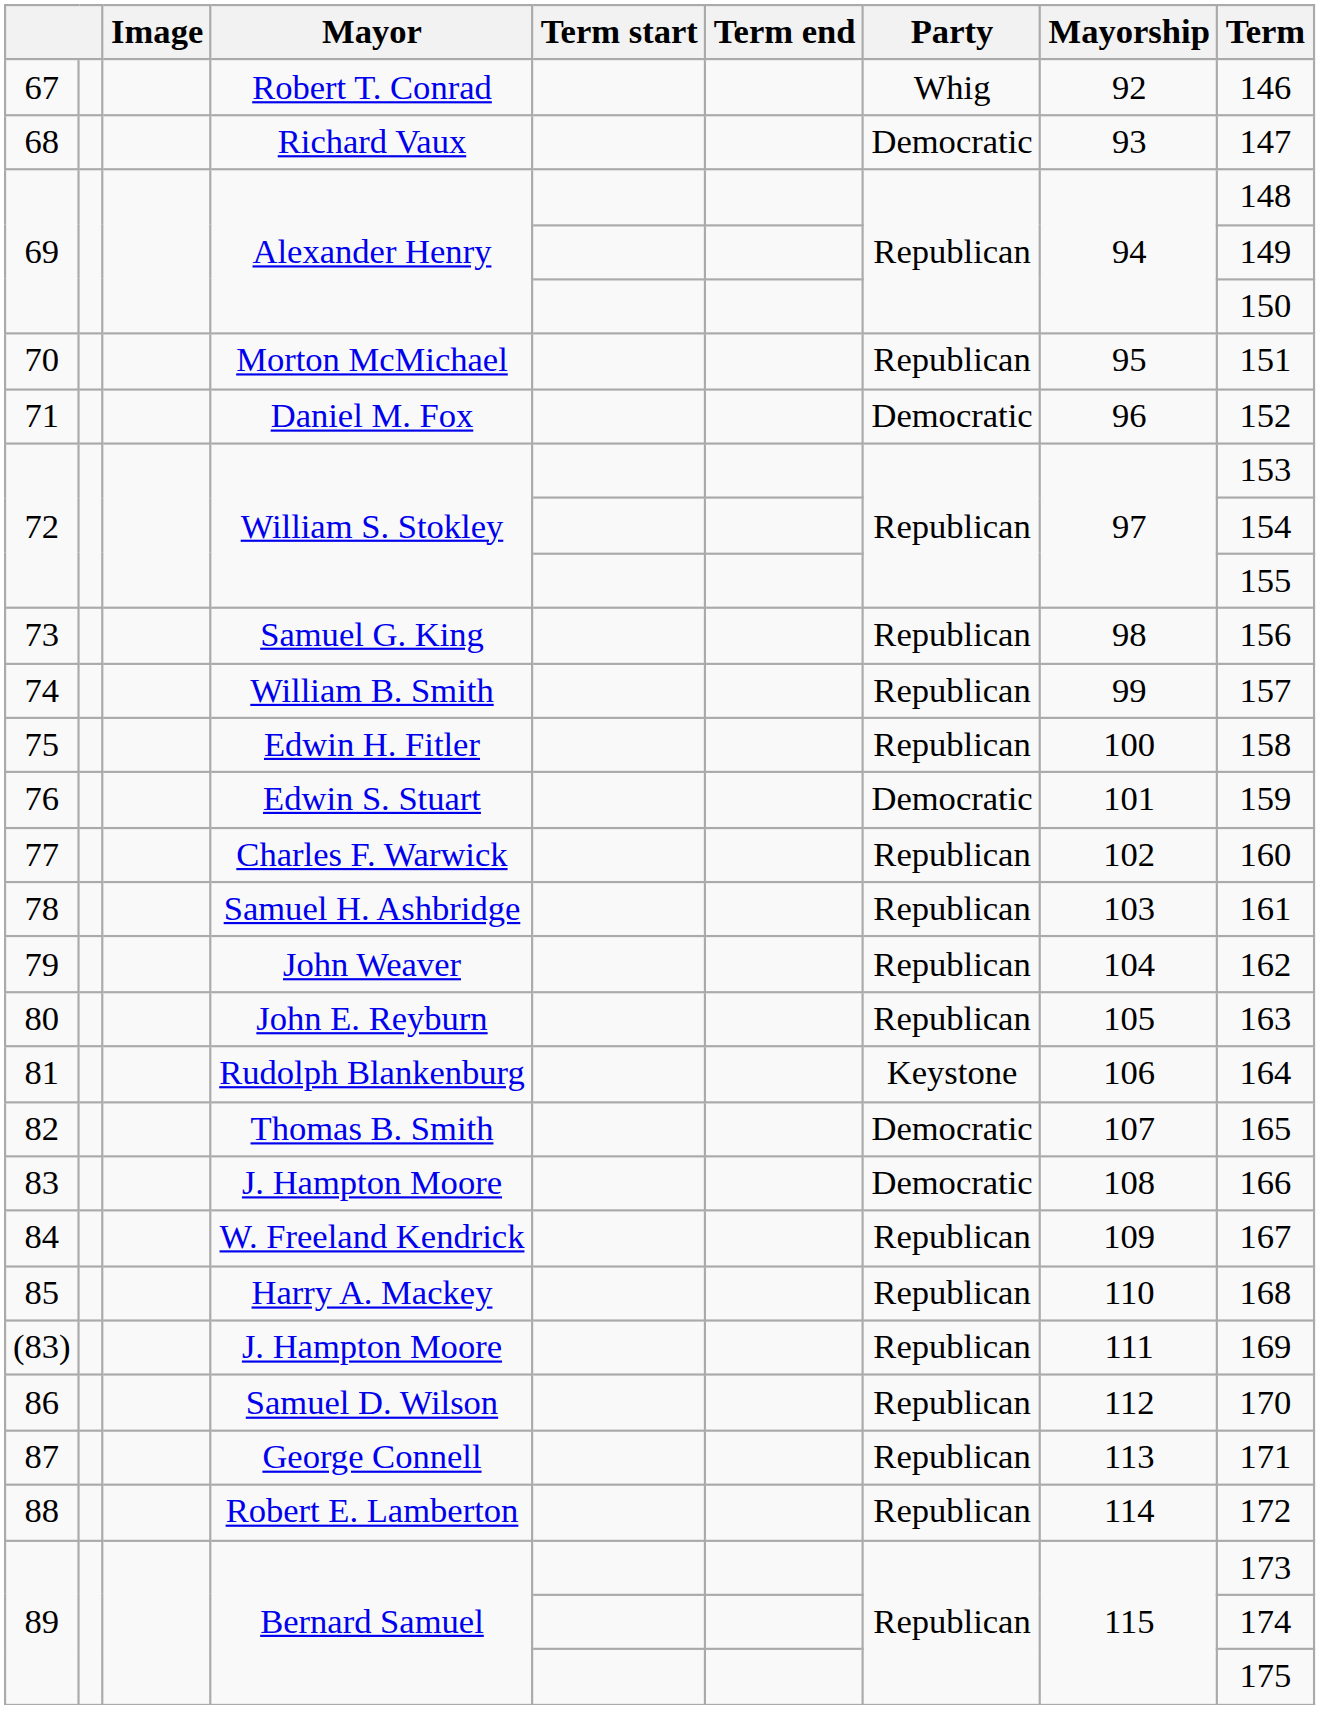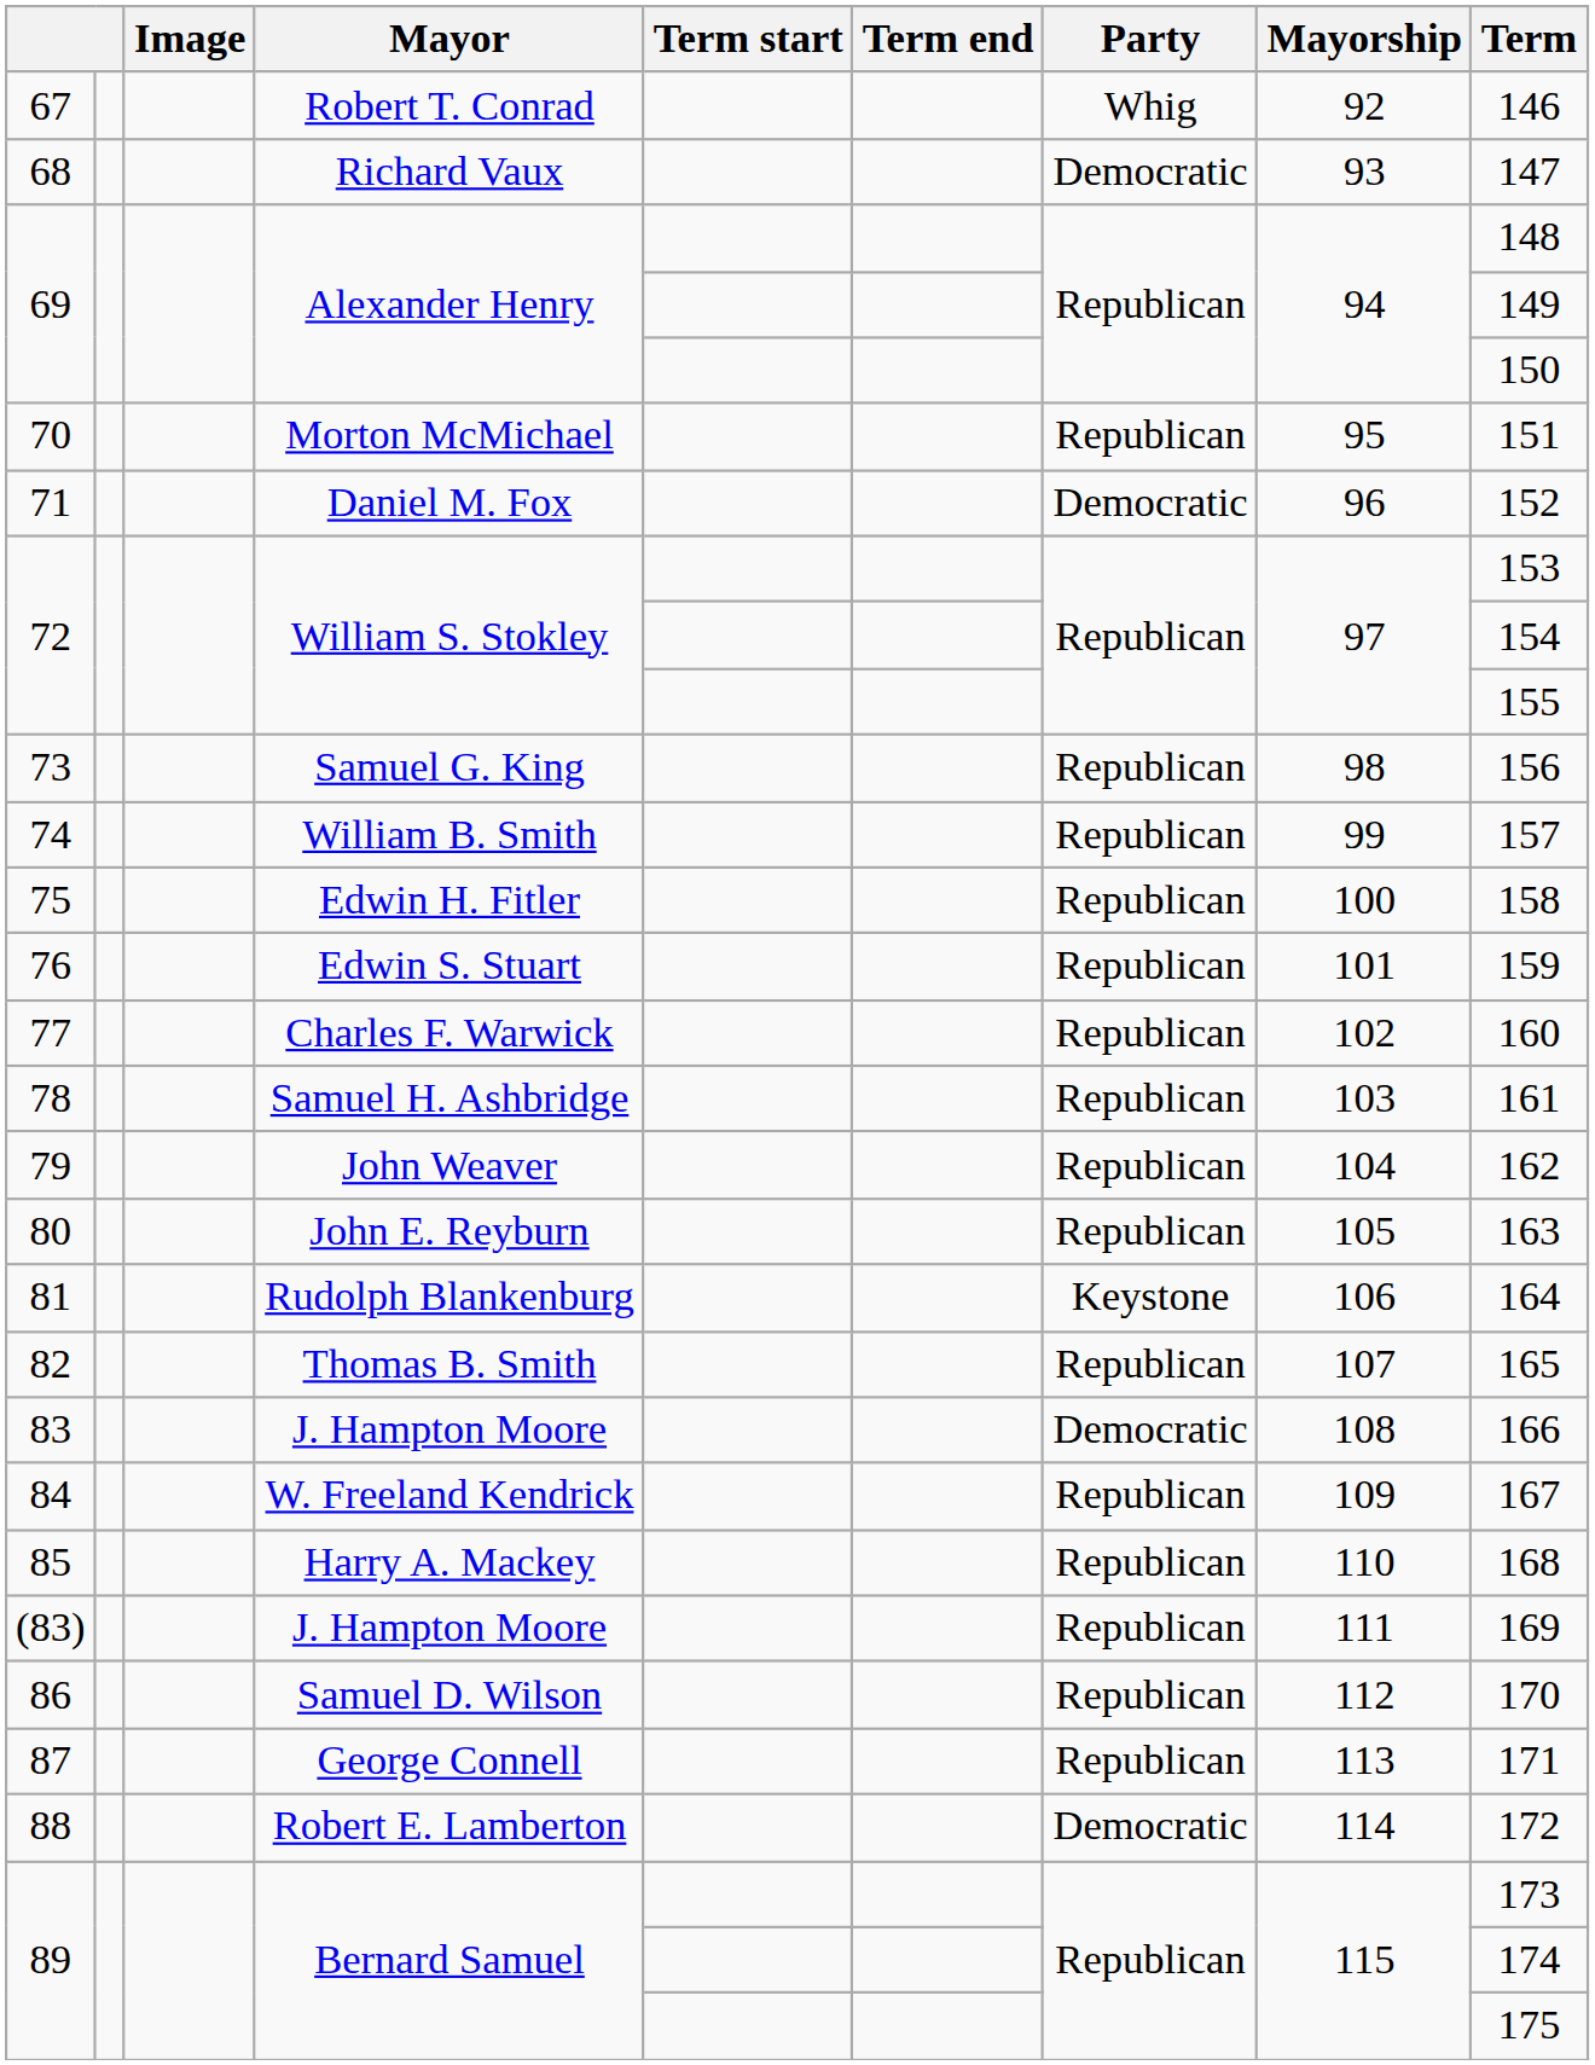 <table class="wikitable" style="text-align: center;">
 <tr>
 <th scope="col" colspan="2"></th>
 <th scope="col">Image</th>
 <th scope="col">Mayor</th>
 <th scope="col">Term start</th>
 <th scope="col">Term end</th>
 <th scope="col">Party</th>
 <th scope="col">Mayorship</th>
 <th scope="col">Term</th>
 </tr>
 <tr>
 <td>67</td>
 <td style="background: "> </td>
 <td style="text-align: left;"></td>
 <td><a href='#'>Robert T. Conrad</a></td>
 <td></td>
 <td></td>
 <td>Whig</td>
 <td>92</td>
 <td>146</td>
 </tr>
 <tr>
 <td>68</td>
 <td style="background: "> </td>
 <td style="text-align: left;"></td>
 <td><a href='#'>Richard Vaux</a></td>
 <td></td>
 <td></td>
 <td>Democratic</td>
 <td>93</td>
 <td>147</td>
 </tr>
 <tr>
 <td rowspan="3">69</td>
 <td rowspan="3" style="background: "> </td>
 <td rowspan="3" style="text-align: left;"></td>
 <td rowspan="3"><a href='#'>Alexander Henry</a></td>
 <td></td>
 <td></td>
 <td rowspan="3">Republican</td>
 <td rowspan="3">94</td>
 <td>148</td>
 </tr>
 <tr>
 <td></td>
 <td></td>
 <td>149</td>
 </tr>
 <tr>
 <td></td>
 <td></td>
 <td>150</td>
 </tr>
 <tr>
 <td>70</td>
 <td style="background: "> </td>
 <td style="text-align: left;"></td>
 <td><a href='#'>Morton McMichael</a></td>
 <td></td>
 <td></td>
 <td>Republican</td>
 <td>95</td>
 <td>151</td>
 </tr>
 <tr>
 <td>71</td>
 <td style="background: "> </td>
 <td></td>
 <td><a href='#'>Daniel M. Fox</a></td>
 <td></td>
 <td></td>
 <td>Democratic</td>
 <td>96</td>
 <td>152</td>
 </tr>
 <tr>
 <td rowspan="3">72</td>
 <td rowspan="3" style="background: "> </td>
 <td rowspan="3" style="text-align: left;"></td>
 <td rowspan="3"><a href='#'>William S. Stokley</a></td>
 <td></td>
 <td></td>
 <td rowspan="3">Republican</td>
 <td rowspan="3">97</td>
 <td>153</td>
 </tr>
 <tr>
 <td></td>
 <td></td>
 <td>154</td>
 </tr>
 <tr>
 <td></td>
 <td></td>
 <td>155</td>
 </tr>
 <tr>
 <td>73</td>
 <td style="background: "> </td>
 <td style="text-align: left;"></td>
 <td><a href='#'>Samuel G. King</a></td>
 <td></td>
 <td></td>
 <td>Republican</td>
 <td>98</td>
 <td>156</td>
 </tr>
 <tr>
 <td>74</td>
 <td style="background: "> </td>
 <td style="text-align: left;"></td>
 <td><a href='#'>William B. Smith</a></td>
 <td></td>
 <td></td>
 <td>Republican</td>
 <td>99</td>
 <td>157</td>
 </tr>
 <tr>
 <td>75</td>
 <td style="background: "> </td>
 <td style="text-align: left;"></td>
 <td><a href='#'>Edwin H. Fitler</a></td>
 <td></td>
 <td></td>
 <td>Republican</td>
 <td>100</td>
 <td>158</td>
 </tr>
 <tr>
 <td>76</td>
 <td style="background: "> </td>
 <td style="text-align: left;"></td>
 <td><a href='#'>Edwin S. Stuart</a></td>
 <td></td>
 <td></td>
-<td>Democratic</td>
+<td>Republican</td>
 <td>101</td>
 <td>159</td>
 </tr>
 <tr>
 <td>77</td>
 <td style="background: "> </td>
 <td style="text-align: left;"></td>
 <td><a href='#'>Charles F. Warwick</a></td>
 <td></td>
 <td></td>
 <td>Republican</td>
 <td>102</td>
 <td>160</td>
 </tr>
 <tr>
 <td>78</td>
 <td style="background: "> </td>
 <td style="text-align: left;"></td>
 <td><a href='#'>Samuel H. Ashbridge</a></td>
 <td></td>
 <td></td>
 <td>Republican</td>
 <td>103</td>
 <td>161</td>
 </tr>
 <tr>
 <td>79</td>
 <td style="background: "> </td>
 <td style="text-align: left;"></td>
 <td><a href='#'>John Weaver</a></td>
 <td></td>
 <td></td>
 <td>Republican</td>
 <td>104</td>
 <td>162</td>
 </tr>
 <tr>
 <td>80</td>
 <td style="background: "> </td>
 <td style="text-align: left;"></td>
 <td><a href='#'>John E. Reyburn</a></td>
 <td></td>
 <td></td>
 <td>Republican</td>
 <td>105</td>
 <td>163</td>
 </tr>
 <tr>
 <td>81</td>
 <td style="background: "> </td>
 <td style="text-align: left;"></td>
 <td><a href='#'>Rudolph Blankenburg</a></td>
 <td></td>
 <td></td>
 <td>Keystone</td>
 <td>106</td>
 <td>164</td>
 </tr>
 <tr>
 <td>82</td>
 <td style="background: "> </td>
 <td style="text-align: left;"></td>
 <td><a href='#'>Thomas B. Smith</a></td>
 <td></td>
 <td></td>
-<td>Democratic</td>
+<td>Republican</td>
 <td>107</td>
 <td>165</td>
 </tr>
 <tr>
 <td>83</td>
 <td style="background: "> </td>
 <td style="text-align: left;"></td>
 <td><a href='#'>J. Hampton Moore</a></td>
 <td></td>
 <td></td>
 <td>Democratic</td>
 <td>108</td>
 <td>166</td>
 </tr>
 <tr>
 <td>84</td>
 <td style="background: "> </td>
 <td style="text-align: left;"></td>
 <td><a href='#'>W. Freeland Kendrick</a></td>
 <td></td>
 <td></td>
 <td>Republican</td>
 <td>109</td>
 <td>167</td>
 </tr>
 <tr>
 <td>85</td>
 <td style="background: "> </td>
 <td style="text-align: left;"></td>
 <td><a href='#'>Harry A. Mackey</a></td>
 <td></td>
 <td></td>
 <td>Republican</td>
 <td>110</td>
 <td>168</td>
 </tr>
 <tr>
 <td>(83)</td>
 <td style="background: "> </td>
 <td style="text-align: left;"></td>
 <td><a href='#'>J. Hampton Moore</a></td>
 <td></td>
 <td></td>
 <td>Republican</td>
 <td>111</td>
 <td>169</td>
 </tr>
 <tr>
 <td>86</td>
 <td style="background: "> </td>
 <td></td>
 <td><a href='#'>Samuel D. Wilson</a></td>
 <td></td>
 <td></td>
 <td>Republican</td>
 <td>112</td>
 <td>170</td>
 </tr>
 <tr>
 <td>87</td>
 <td style="background: "> </td>
 <td></td>
 <td><a href='#'>George Connell</a></td>
 <td></td>
 <td></td>
 <td>Republican</td>
 <td>113</td>
 <td>171</td>
 </tr>
 <tr>
 <td>88</td>
 <td style="background: "> </td>
 <td></td>
 <td><a href='#'>Robert E. Lamberton</a></td>
 <td></td>
 <td></td>
-<td>Republican</td>
+<td>Democratic</td>
 <td>114</td>
 <td>172</td>
 </tr>
 <tr>
 <td rowspan="3">89</td>
 <td rowspan="3" style="background: "> </td>
 <td rowspan="3"></td>
 <td rowspan="3"><a href='#'>Bernard Samuel</a></td>
 <td></td>
 <td></td>
 <td rowspan="3">Republican</td>
 <td rowspan="3">115</td>
 <td>173</td>
 </tr>
 <tr>
 <td></td>
 <td></td>
 <td>174</td>
 </tr>
 <tr>
 <td></td>
 <td></td>
 <td>175</td>
 </tr>
 <tr>
 </tr>
 </table>
